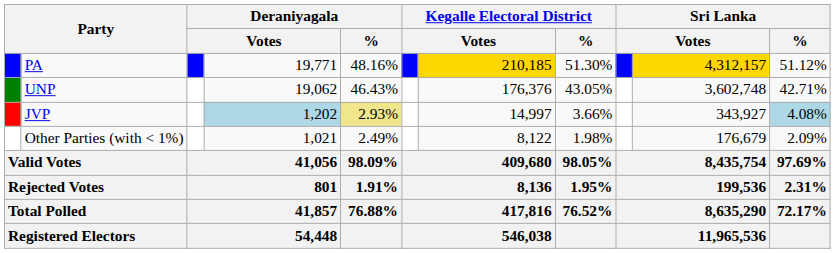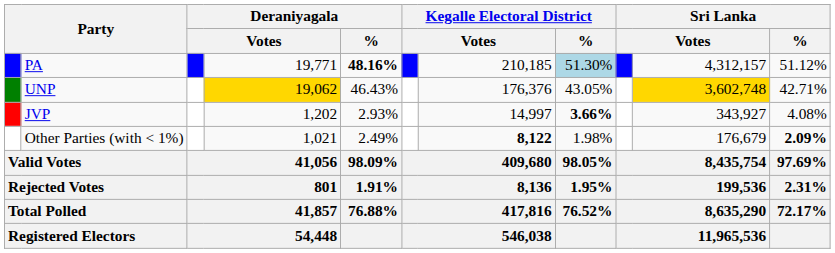 <table class="wikitable">
 <tr>
 <th colspan="2" width="144px"rowspan="2">Party</th>
 <th colspan="3" width="216px">Deraniyagala</th>
 <th colspan="3" width="216px"><a href='#'>Kegalle Electoral District</a></th>
 <th colspan="3" width="216px">Sri Lanka</th>
 </tr>
 <tr>
 <th colspan="2" width="144px">Votes</th>
 <th>%</th>
 <th colspan="2" width="144px">Votes</th>
 <th>%</th>
 <th colspan="2" width="144px">Votes</th>
 <th>%</th>
 </tr>
 <tr>
 <td style="background-color:blue;" width="10px"></td>
 <td style="text-align:left;"><a href='#'>PA</a></td>
 <td style="background-color:blue;" width="10px"></td>
 <td style="text-align:right;">19,771</td>
-<td style="text-align:right;">48.16%</td>
+<td style="text-align:right;"><strong>48.16%</strong></td>
 <td style="background-color:blue;" width="10px"></td>
-<td style="background: gold; text-align:right;">210,185</td>
-<td style="text-align:right;">51.30%</td>
+<td style="text-align:right;">210,185</td>
+<td style="background: lightblue; text-align:right;">51.30%</td>
 <td style="background-color:blue;" width="10px"></td>
-<td style="background: gold; text-align:right;">4,312,157</td>
+<td style="text-align:right;">4,312,157</td>
 <td style="text-align:right;">51.12%</td>
 </tr>
 <tr>
 <td style="background-color:green;" width="10px"></td>
 <td style="text-align:left;"><a href='#'>UNP</a></td>
 <td style="background-color:white;" width="10px"></td>
-<td style="text-align:right;">19,062</td>
+<td style="background: gold; text-align:right;">19,062</td>
 <td style="text-align:right;">46.43%</td>
 <td style="background-color:white;" width="10px"></td>
 <td style="text-align:right;">176,376</td>
 <td style="text-align:right;">43.05%</td>
 <td style="background-color:white;" width="10px"></td>
-<td style="text-align:right;">3,602,748</td>
+<td style="background: gold; text-align:right;">3,602,748</td>
 <td style="text-align:right;">42.71%</td>
 </tr>
 <tr>
 <td style="background-color:red;" width="10px"></td>
 <td style="text-align:left;"><a href='#'>JVP</a></td>
 <td style="background-color:white;" width="10px"></td>
-<td style="background: lightblue; text-align:right;">1,202</td>
-<td style="background: khaki; text-align:right;">2.93%</td>
+<td style="text-align:right;">1,202</td>
+<td style="text-align:right;">2.93%</td>
 <td style="background-color:white;" width="10px"></td>
 <td style="text-align:right;">14,997</td>
-<td style="text-align:right;">3.66%</td>
+<td style="text-align:right;"><strong>3.66%</strong></td>
 <td style="background-color:white;" width="10px"></td>
 <td style="text-align:right;">343,927</td>
-<td style="background: lightblue; text-align:right;">4.08%</td>
+<td style="text-align:right;">4.08%</td>
 </tr>
 <tr>
 <td style="background-color:white;" width="10px"></td>
 <td style="text-align:left;">Other Parties (with < 1%)</td>
 <td style="background-color:white;" width="10px"></td>
 <td style="text-align:right;">1,021</td>
 <td style="text-align:right;">2.49%</td>
 <td style="background-color:white;" width="10px"></td>
-<td style="text-align:right;">8,122</td>
+<td style="text-align:right;"><strong>8,122</strong></td>
 <td style="text-align:right;">1.98%</td>
 <td style="background-color:white;" width="10px"></td>
 <td style="text-align:right;">176,679</td>
-<td style="text-align:right;">2.09%</td>
+<td style="text-align:right;"><strong>2.09%</strong></td>
 </tr>
 <tr>
 <th colspan="2" width="144px"style="text-align:left;">Valid Votes</th>
 <th style="text-align:right;"colspan="2" width="144px">41,056</th>
 <th style="text-align:right;">98.09%</th>
 <th style="text-align:right;"colspan="2" width="144px">409,680</th>
 <th style="text-align:right;">98.05%</th>
 <th style="text-align:right;"colspan="2" width="144px">8,435,754</th>
 <th style="text-align:right;">97.69%</th>
 </tr>
 <tr>
 <th colspan="2" width="144px"style="text-align:left;">Rejected Votes</th>
 <th style="text-align:right;"colspan="2" width="144px">801</th>
 <th style="text-align:right;">1.91%</th>
 <th style="text-align:right;"colspan="2" width="144px">8,136</th>
 <th style="text-align:right;">1.95%</th>
 <th style="text-align:right;"colspan="2" width="144px">199,536</th>
 <th style="text-align:right;">2.31%</th>
 </tr>
 <tr>
 <th colspan="2" width="144px"style="text-align:left;">Total Polled</th>
 <th style="text-align:right;"colspan="2" width="144px">41,857</th>
 <th style="text-align:right;">76.88%</th>
 <th style="text-align:right;"colspan="2" width="144px">417,816</th>
 <th style="text-align:right;">76.52%</th>
 <th style="text-align:right;"colspan="2" width="144px">8,635,290</th>
 <th style="text-align:right;">72.17%</th>
 </tr>
 <tr>
 <th colspan="2" width="144px"style="text-align:left;">Registered Electors</th>
 <th style="text-align:right;"colspan="2" width="144px">54,448</th>
 <th></th>
 <th style="text-align:right;"colspan="2" width="144px">546,038</th>
 <th></th>
 <th style="text-align:right;"colspan="2" width="144px">11,965,536</th>
 <th></th>
 </tr>
 </table>
